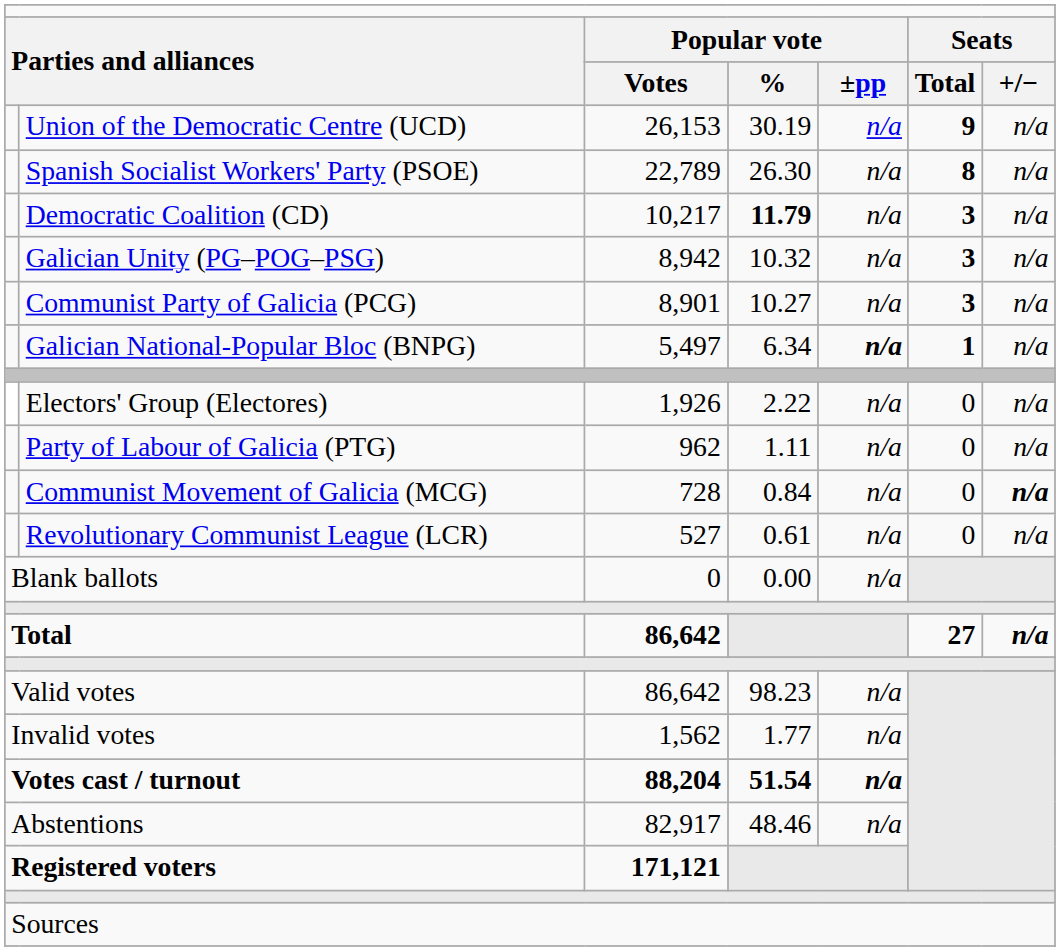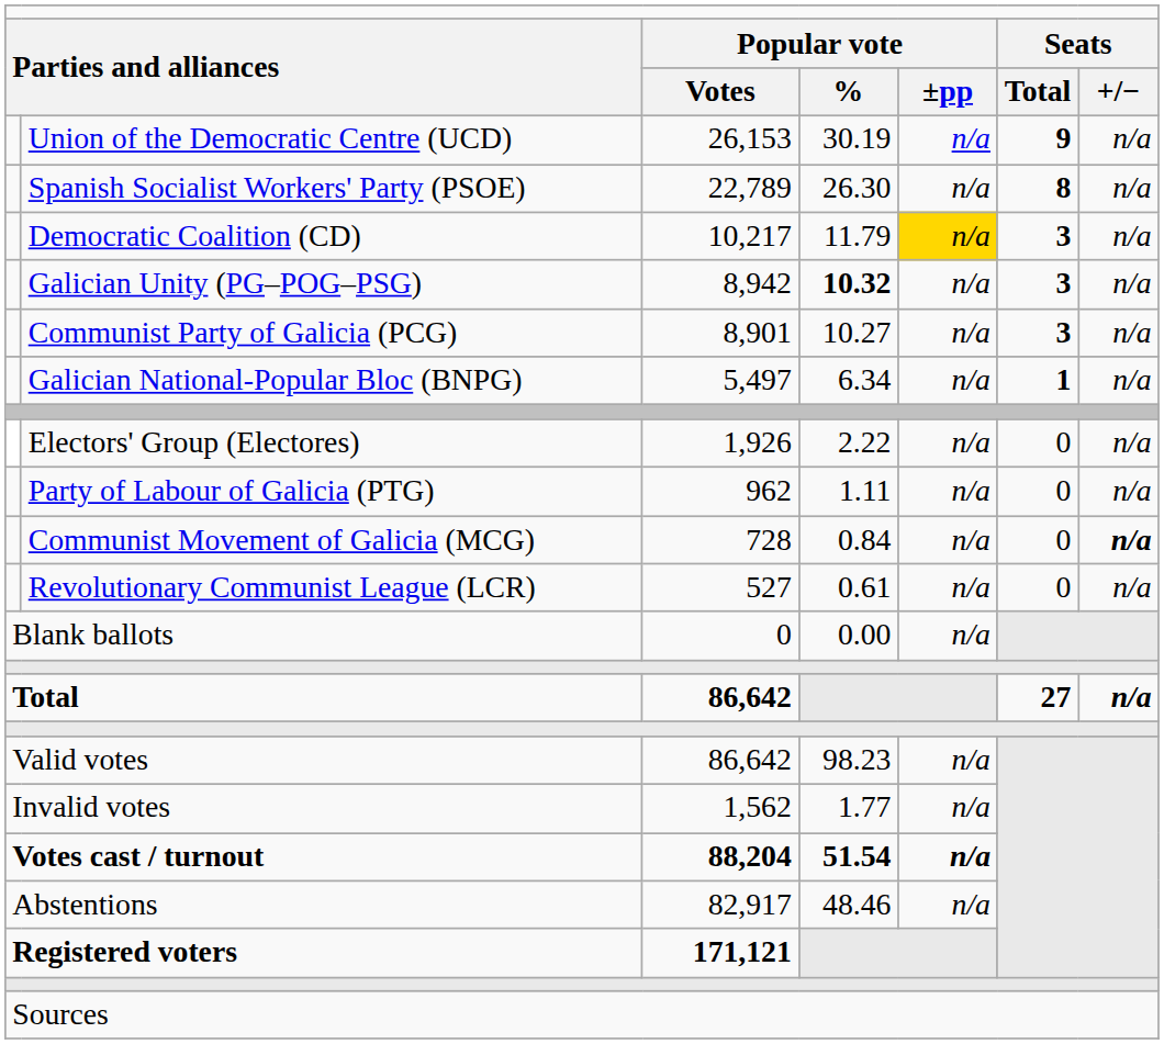 <table class="wikitable" style="text-align:right;">
 <tr>
 <td colspan="7"></td>
 </tr>
 <tr>
 <th style="text-align:left;" rowspan="2" colspan="2" width="525">Parties and alliances</th>
 <th colspan="3">Popular vote</th>
 <th colspan="2">Seats</th>
 </tr>
 <tr>
 <th width="75">Votes</th>
 <th width="45">%</th>
 <th width="45">±<a href='#'>pp</a></th>
 <th width="35">Total</th>
 <th width="35">+/−</th>
 </tr>
 <tr>
 <td width="1" style="color:inherit;background:"></td>
 <td align="left"><a href='#'>Union of the Democratic Centre</a> (UCD)</td>
 <td>26,153</td>
 <td>30.19</td>
 <td><em><a href='#'>n/a</a></em></td>
 <td><strong>9</strong></td>
 <td><em>n/a</em></td>
 </tr>
 <tr>
 <td style="color:inherit;background:"></td>
 <td align="left"><a href='#'>Spanish Socialist Workers' Party</a> (PSOE)</td>
 <td>22,789</td>
 <td>26.30</td>
 <td><em>n/a</em></td>
 <td><strong>8</strong></td>
 <td><em>n/a</em></td>
 </tr>
 <tr>
 <td style="color:inherit;background:"></td>
 <td align="left"><a href='#'>Democratic Coalition</a> (CD)</td>
 <td>10,217</td>
-<td><strong>11.79</strong></td>
-<td><em>n/a</em></td>
+<td>11.79</td>
+<td style="background: gold;"><em>n/a</em></td>
 <td><strong>3</strong></td>
 <td><em>n/a</em></td>
 </tr>
 <tr>
 <td style="color:inherit;background:"></td>
 <td align="left"><a href='#'>Galician Unity</a> (<a href='#'>PG</a>–<a href='#'>POG</a>–<a href='#'>PSG</a>)</td>
 <td>8,942</td>
-<td>10.32</td>
+<td><strong>10.32</strong></td>
 <td><em>n/a</em></td>
 <td><strong>3</strong></td>
 <td><em>n/a</em></td>
 </tr>
 <tr>
 <td style="color:inherit;background:"></td>
 <td align="left"><a href='#'>Communist Party of Galicia</a> (PCG)</td>
 <td>8,901</td>
 <td>10.27</td>
 <td><em>n/a</em></td>
 <td><strong>3</strong></td>
 <td><em>n/a</em></td>
 </tr>
 <tr>
 <td style="color:inherit;background:"></td>
 <td align="left"><a href='#'>Galician National-Popular Bloc</a> (BNPG)</td>
 <td>5,497</td>
 <td>6.34</td>
-<td><strong><em>n/a</em></strong></td>
+<td><em>n/a</em></td>
 <td><strong>1</strong></td>
 <td><em>n/a</em></td>
 </tr>
 <tr>
 <td colspan="7" bgcolor="#C0C0C0"></td>
 </tr>
 <tr>
 <td bgcolor="white"></td>
 <td align="left">Electors' Group (Electores)</td>
 <td>1,926</td>
 <td>2.22</td>
 <td><em>n/a</em></td>
 <td>0</td>
 <td><em>n/a</em></td>
 </tr>
 <tr>
 <td style="color:inherit;background:"></td>
 <td align="left"><a href='#'>Party of Labour of Galicia</a> (PTG)</td>
 <td>962</td>
 <td>1.11</td>
 <td><em>n/a</em></td>
 <td>0</td>
 <td><em>n/a</em></td>
 </tr>
 <tr>
 <td style="color:inherit;background:"></td>
 <td align="left"><a href='#'>Communist Movement of Galicia</a> (MCG)</td>
 <td>728</td>
 <td>0.84</td>
 <td><em>n/a</em></td>
 <td>0</td>
 <td><strong><em>n/a</em></strong></td>
 </tr>
 <tr>
 <td style="color:inherit;background:"></td>
 <td align="left"><a href='#'>Revolutionary Communist League</a> (LCR)</td>
 <td>527</td>
 <td>0.61</td>
 <td><em>n/a</em></td>
 <td>0</td>
 <td><em>n/a</em></td>
 </tr>
 <tr>
 <td align="left" colspan="2">Blank ballots</td>
 <td>0</td>
 <td>0.00</td>
 <td><em>n/a</em></td>
 <td bgcolor="#E9E9E9" colspan="2"></td>
 </tr>
 <tr>
 <td colspan="7" bgcolor="#E9E9E9"></td>
 </tr>
 <tr style="font-weight:bold;">
 <td align="left" colspan="2">Total</td>
 <td>86,642</td>
 <td bgcolor="#E9E9E9" colspan="2"></td>
 <td>27</td>
 <td><em>n/a</em></td>
 </tr>
 <tr>
 <td colspan="7" bgcolor="#E9E9E9"></td>
 </tr>
 <tr>
 <td align="left" colspan="2">Valid votes</td>
 <td>86,642</td>
 <td>98.23</td>
 <td><em>n/a</em></td>
 <td bgcolor="#E9E9E9" colspan="2" rowspan="5"></td>
 </tr>
 <tr>
 <td align="left" colspan="2">Invalid votes</td>
 <td>1,562</td>
 <td>1.77</td>
 <td><em>n/a</em></td>
 </tr>
 <tr style="font-weight:bold;">
 <td align="left" colspan="2">Votes cast / turnout</td>
 <td>88,204</td>
 <td>51.54</td>
 <td><em>n/a</em></td>
 </tr>
 <tr>
 <td align="left" colspan="2">Abstentions</td>
 <td>82,917</td>
 <td>48.46</td>
 <td><em>n/a</em></td>
 </tr>
 <tr style="font-weight:bold;">
 <td align="left" colspan="2">Registered voters</td>
 <td>171,121</td>
 <td bgcolor="#E9E9E9" colspan="2"></td>
 </tr>
 <tr>
 <td colspan="7" bgcolor="#E9E9E9"></td>
 </tr>
 <tr>
 <td align="left" colspan="7">Sources</td>
 </tr>
 </table>
